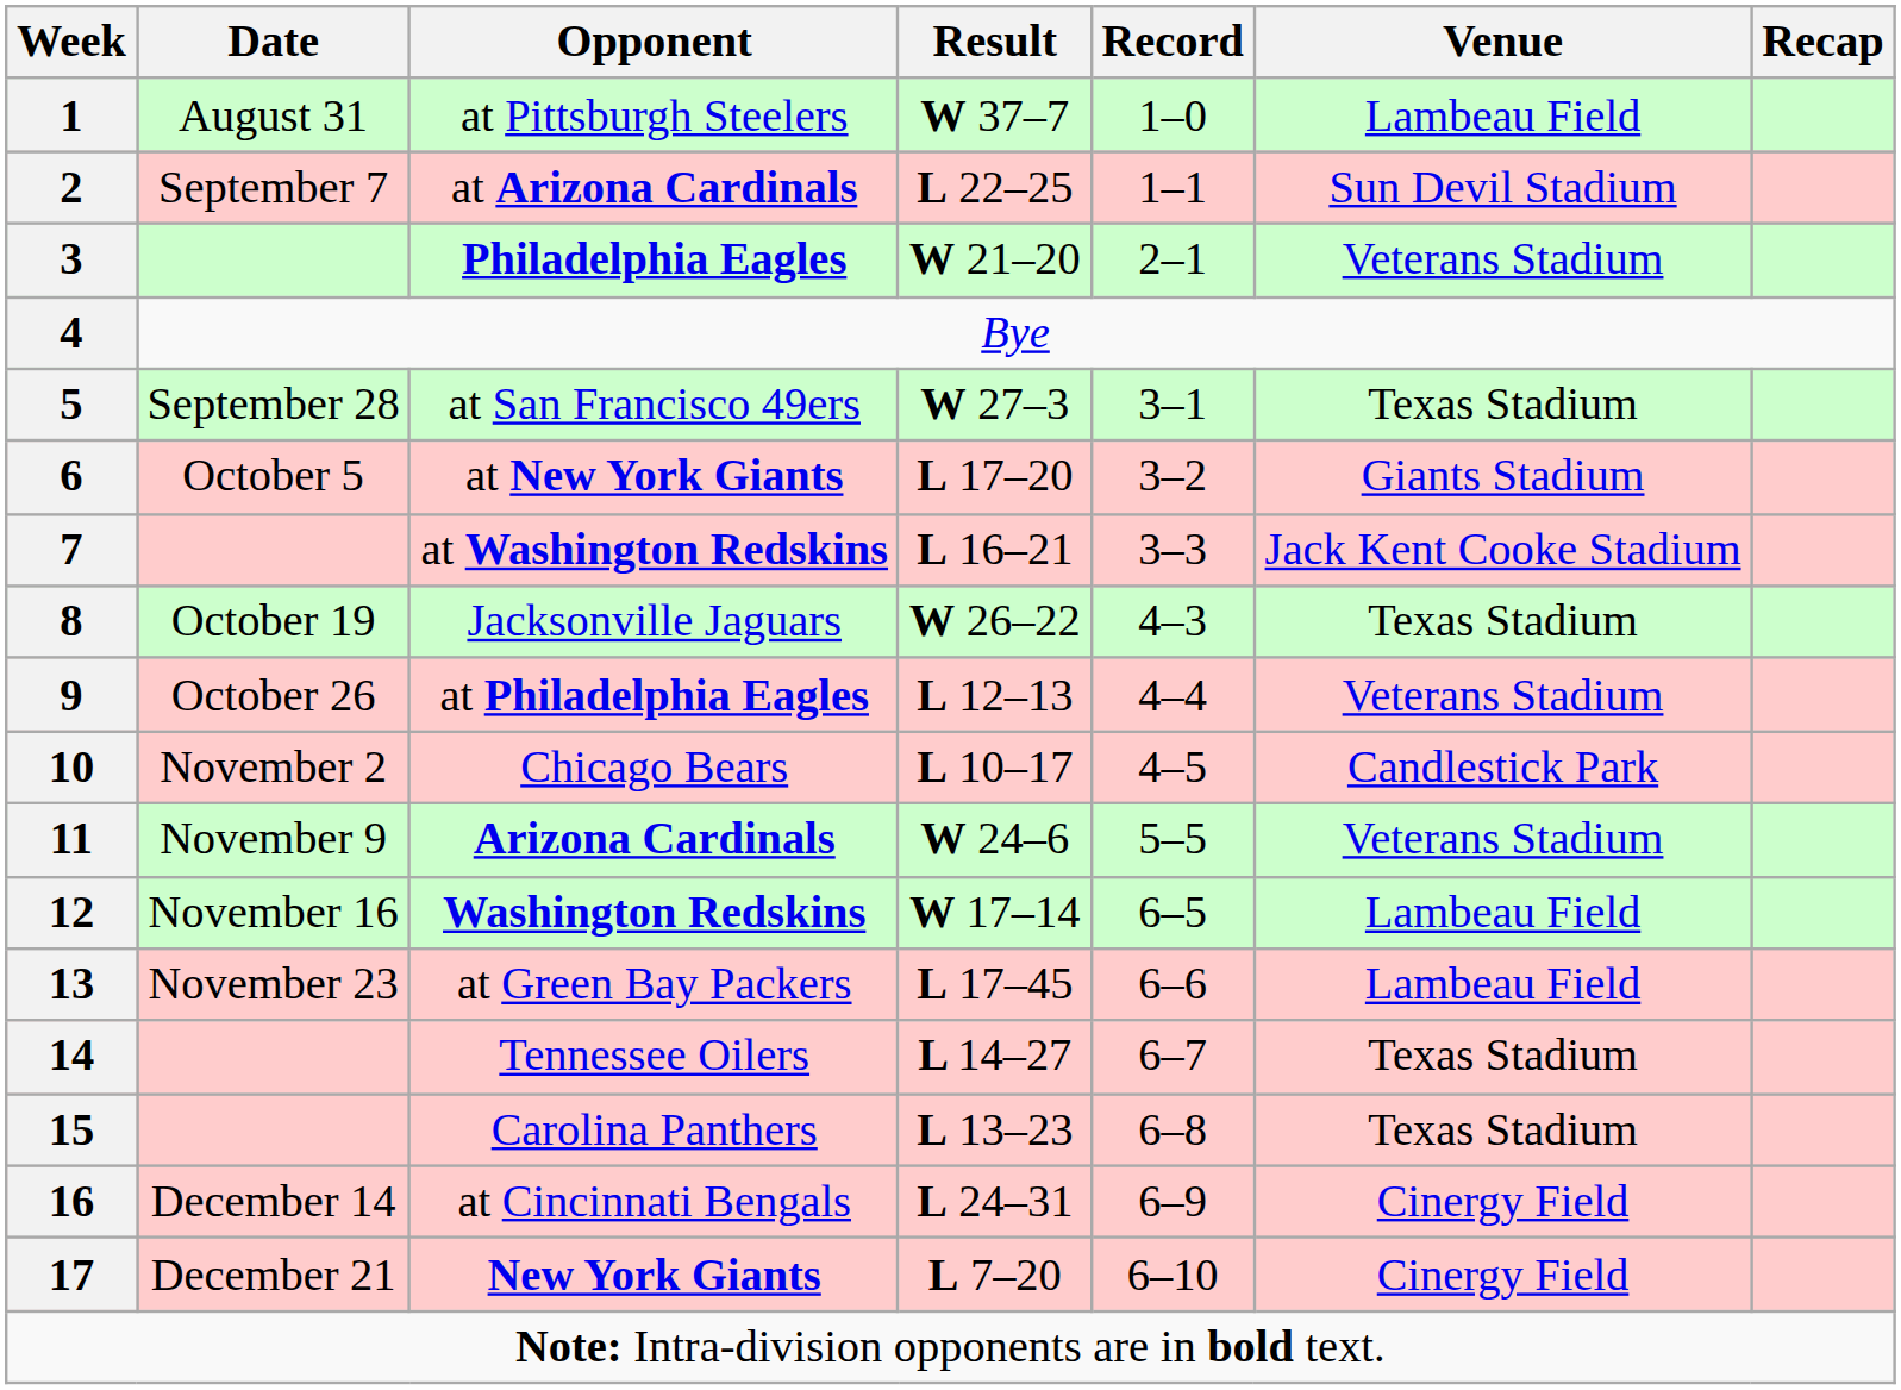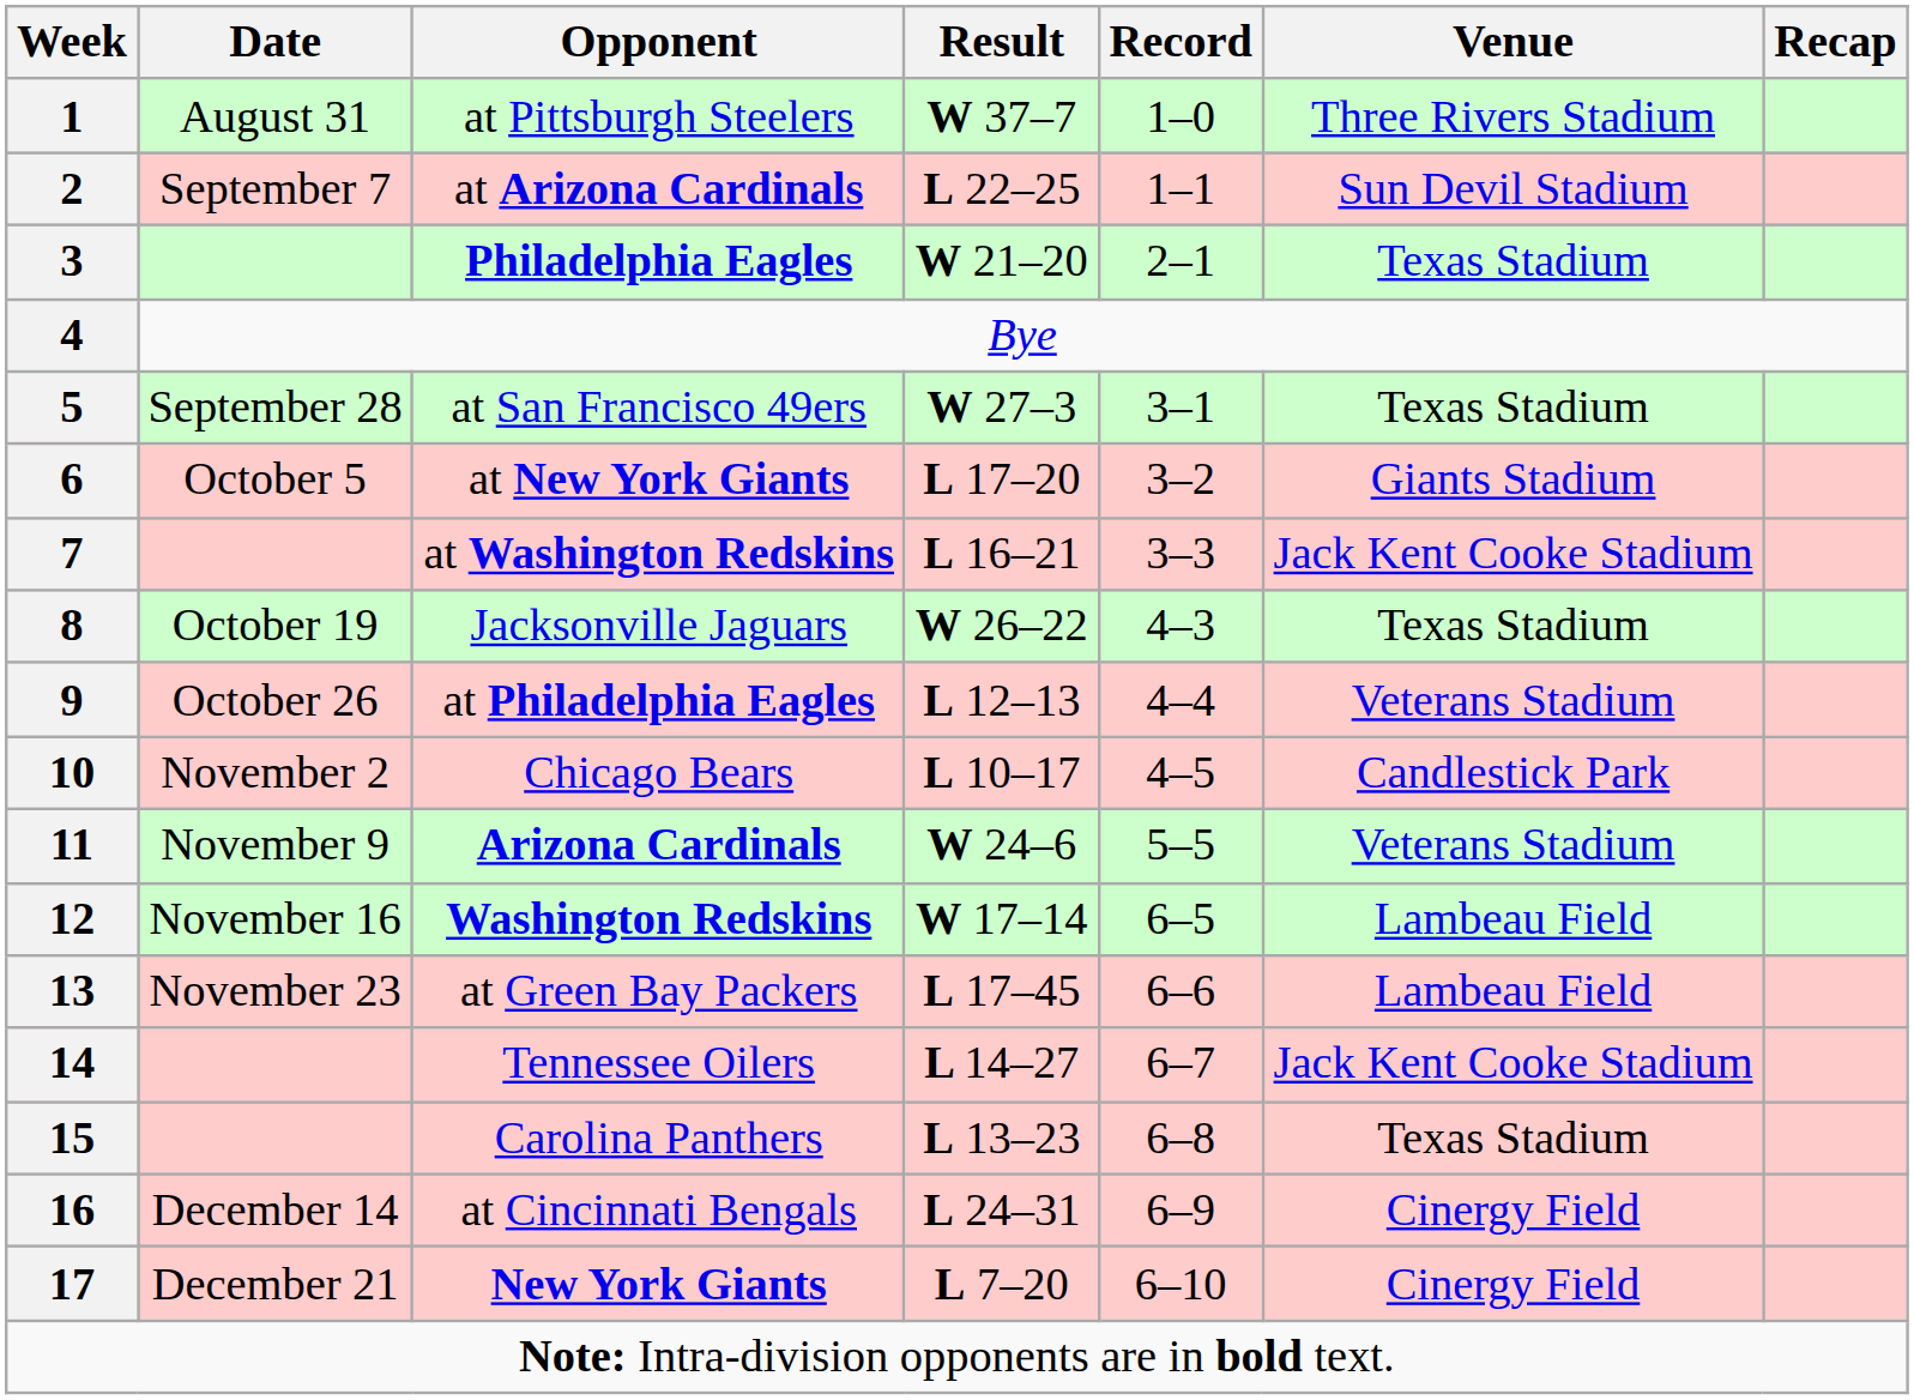 <table class="wikitable" style="text-align:center">
 <tr>
 <th>Week</th>
 <th>Date</th>
 <th>Opponent</th>
 <th>Result</th>
 <th>Record</th>
 <th>Venue</th>
 <th>Recap</th>
 </tr>
 <tr bgcolor="#cfc">
 <th>1</th>
 <td>August 31</td>
 <td>at <a href='#'>Pittsburgh Steelers</a></td>
 <td><strong>W</strong> 37–7</td>
 <td>1–0</td>
-<td><a href='#'>Lambeau Field</a></td>
+<td><a href='#'>Three Rivers Stadium</a></td>
 <td></td>
 </tr>
 <tr bgcolor="#fcc">
 <th>2</th>
 <td>September 7</td>
 <td>at  <strong><a href='#'>Arizona Cardinals</a></strong></td>
 <td><strong>L</strong> 22–25 </td>
 <td>1–1</td>
 <td><a href='#'>Sun Devil Stadium</a></td>
 <td></td>
 </tr>
 <tr bgcolor="#cfc">
 <th>3</th>
 <td></td>
 <td><strong><a href='#'>Philadelphia Eagles</a></strong></td>
 <td><strong>W</strong> 21–20</td>
 <td>2–1</td>
-<td><a href='#'>Veterans Stadium</a></td>
+<td><a href='#'>Texas Stadium</a></td>
 <td></td>
 </tr>
 <tr>
 <th>4</th>
 <td colspan=6><em><a href='#'>Bye</a></em></td>
 </tr>
 <tr bgcolor="#cfc">
 <th>5</th>
 <td>September 28</td>
 <td>at <a href='#'>San Francisco 49ers</a></td>
 <td><strong>W</strong> 27–3</td>
 <td>3–1</td>
 <td>Texas Stadium</td>
 <td></td>
 </tr>
 <tr bgcolor="#fcc">
 <th>6</th>
 <td>October 5</td>
 <td>at  <strong><a href='#'>New York Giants</a> </strong></td>
 <td><strong>L</strong> 17–20</td>
 <td>3–2</td>
 <td><a href='#'>Giants Stadium</a></td>
 <td></td>
 </tr>
 <tr bgcolor="#fcc">
 <th>7</th>
 <td></td>
 <td>at <strong><a href='#'>Washington Redskins</a></strong></td>
 <td><strong>L</strong> 16–21</td>
 <td>3–3</td>
 <td><a href='#'>Jack Kent Cooke Stadium</a></td>
 <td></td>
 </tr>
 <tr bgcolor="#cfc">
 <th>8</th>
 <td>October 19</td>
 <td><a href='#'>Jacksonville Jaguars</a></td>
 <td><strong>W</strong> 26–22</td>
 <td>4–3</td>
 <td>Texas Stadium</td>
 <td></td>
 </tr>
 <tr bgcolor="#fcc">
 <th>9</th>
 <td>October 26</td>
 <td>at <strong><a href='#'>Philadelphia Eagles</a></strong></td>
 <td><strong>L</strong> 12–13</td>
 <td>4–4</td>
 <td><a href='#'>Veterans Stadium</a></td>
 <td></td>
 </tr>
 <tr bgcolor="#fcc">
 <th>10</th>
 <td>November 2</td>
 <td><a href='#'>Chicago Bears</a></td>
 <td><strong>L</strong> 10–17</td>
 <td>4–5</td>
 <td><a href='#'>Candlestick Park</a></td>
 <td></td>
 </tr>
 <tr bgcolor="#cfc">
 <th>11</th>
 <td>November 9</td>
 <td><strong> <a href='#'>Arizona Cardinals</a> </strong></td>
 <td><strong>W</strong> 24–6</td>
 <td>5–5</td>
 <td><a href='#'>Veterans Stadium</a></td>
 <td></td>
 </tr>
 <tr bgcolor="#cfc">
 <th>12</th>
 <td>November 16</td>
 <td><strong><a href='#'>Washington Redskins</a></strong></td>
 <td><strong> W </strong> 17–14</td>
 <td>6–5</td>
 <td><a href='#'>Lambeau Field</a></td>
 <td></td>
 </tr>
 <tr bgcolor="#fcc">
 <th>13</th>
 <td>November 23</td>
 <td>at <a href='#'>Green Bay Packers</a></td>
 <td><strong>L</strong> 17–45</td>
 <td>6–6</td>
 <td><a href='#'>Lambeau Field</a></td>
 <td></td>
 </tr>
 <tr bgcolor="#fcc">
 <th>14</th>
 <td></td>
 <td><a href='#'>Tennessee Oilers</a></td>
 <td><strong>L </strong> 14–27</td>
 <td>6–7</td>
-<td>Texas Stadium</td>
+<td><a href='#'>Jack Kent Cooke Stadium</a></td>
 <td></td>
 </tr>
 <tr bgcolor="#fcc">
 <th>15</th>
 <td></td>
 <td><a href='#'>Carolina Panthers</a></td>
 <td><strong>L</strong> 13–23</td>
 <td>6–8</td>
 <td>Texas Stadium</td>
 <td></td>
 </tr>
 <tr bgcolor="#fcc">
 <th>16</th>
 <td>December 14</td>
 <td>at <a href='#'>Cincinnati Bengals</a></td>
 <td><strong>L</strong> 24–31</td>
 <td>6–9</td>
 <td><a href='#'>Cinergy Field</a></td>
 <td></td>
 </tr>
 <tr bgcolor="#fcc">
 <th>17</th>
 <td>December 21</td>
 <td><strong><a href='#'>New York Giants</a></strong></td>
 <td><strong>L</strong> 7–20</td>
 <td>6–10</td>
 <td><a href='#'>Cinergy Field</a></td>
 <td></td>
 </tr>
 <tr>
 <td colspan="8"><strong>Note:</strong> Intra-division opponents are in <strong>bold</strong> text.</td>
 </tr>
 </table>
